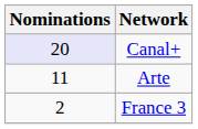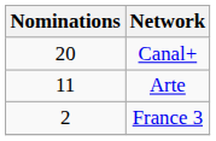 <table class="wikitable sortable" style="text-align: center; max-width:20em">
 <tr>
 <th scope="col">Nominations</th>
 <th scope="col">Network</th>
 </tr>
 <tr>
-<td scope="row" style="background: lavender;">20</td>
+<td scope="row">20</td>
 <td><a href='#'>Canal+</a></td>
 </tr>
 <tr>
 <td scope="row" rowspan="1">11</td>
 <td><a href='#'>Arte</a></td>
 </tr>
 <tr>
 <td scope="row" rowspan="1">2</td>
 <td><a href='#'>France 3</a></td>
 </tr>
 <tr>
 </tr>
 </table>
